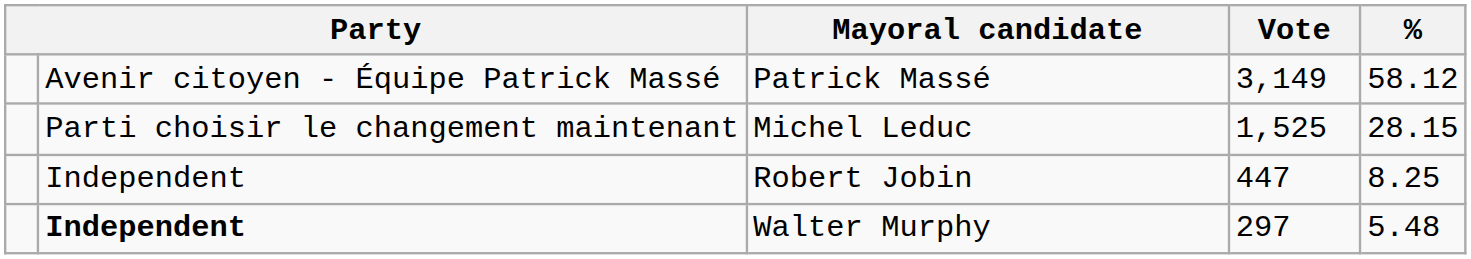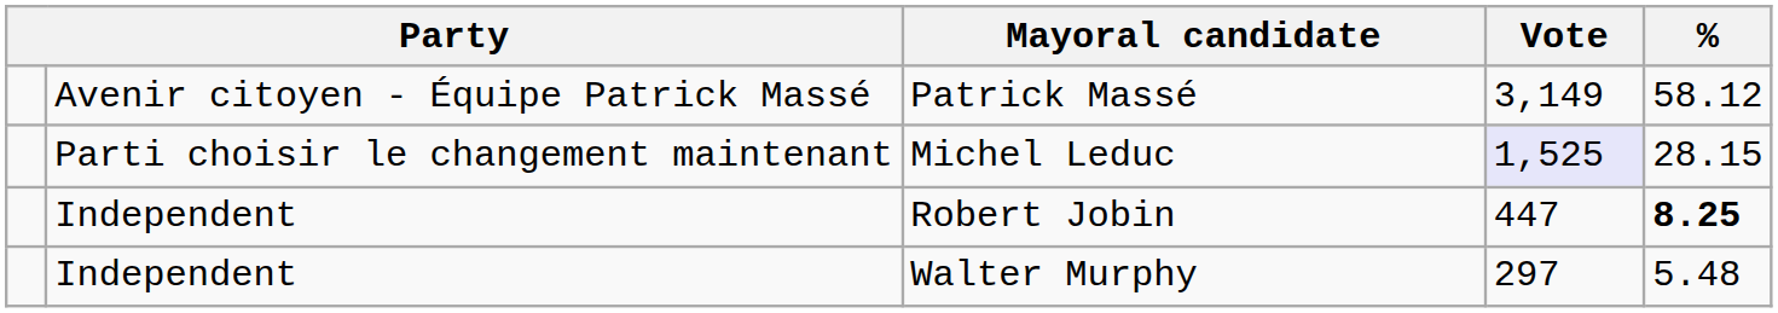 <table class="wikitable">
 <tr>
 <th bgcolor="#DDDDFF" width="230px" colspan="2">Party</th>
 <th bgcolor="#DDDDFF" width="200px">Mayoral candidate</th>
 <th bgcolor="#DDDDFF" width="50px">Vote</th>
 <th bgcolor="#DDDDFF" width="30px">%</th>
 </tr>
 <tr>
 <td> </td>
 <td>Avenir citoyen - Équipe Patrick Massé</td>
 <td>Patrick Massé</td>
 <td>3,149</td>
 <td>58.12</td>
 </tr>
 <tr>
 <td> </td>
 <td>Parti choisir le changement maintenant</td>
 <td>Michel Leduc</td>
-<td>1,525</td>
+<td style="background: lavender;">1,525</td>
 <td>28.15</td>
 </tr>
 <tr>
 <td> </td>
 <td>Independent</td>
 <td>Robert Jobin</td>
 <td>447</td>
-<td>8.25</td>
+<td><strong>8.25</strong></td>
 </tr>
 <tr>
 <td> </td>
-<td><strong>Independent</strong></td>
+<td>Independent</td>
 <td>Walter Murphy</td>
 <td>297</td>
 <td>5.48</td>
 </tr>
 </table>
